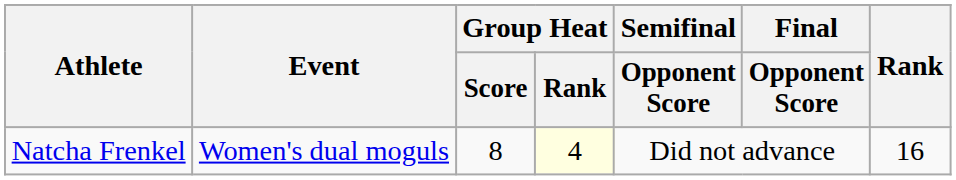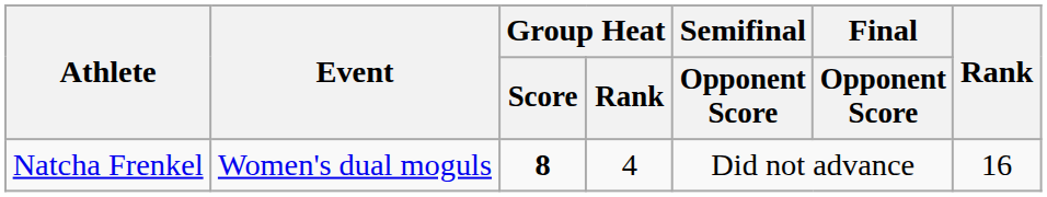 <table class="wikitable" style="font-size:90%">
 <tr>
 <th rowspan=2>Athlete</th>
 <th rowspan=2>Event</th>
 <th colspan=2>Group Heat</th>
 <th>Semifinal</th>
 <th>Final</th>
 <th rowspan=2>Rank</th>
 </tr>
 <tr style="font-size:95%">
 <th>Score</th>
 <th>Rank</th>
 <th>Opponent<br>Score</th>
 <th>Opponent<br>Score</th>
 </tr>
 <tr align=center>
 <td align=left><a href='#'>Natcha Frenkel</a></td>
 <td align=left><a href='#'>Women's dual moguls</a></td>
-<td>8</td>
-<td style="background: lightyellow;">4</td>
+<td><strong>8</strong></td>
+<td>4</td>
 <td colspan=2>Did not advance</td>
 <td>16</td>
 </tr>
 </table>
